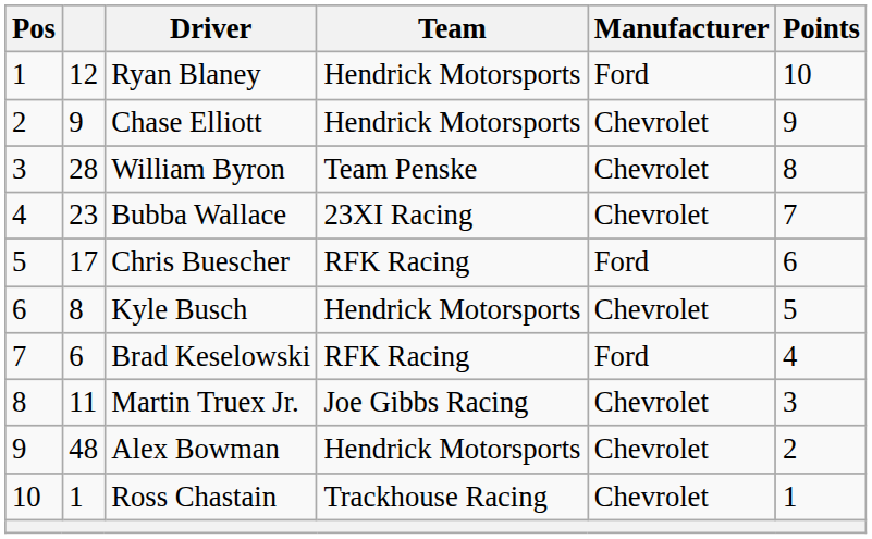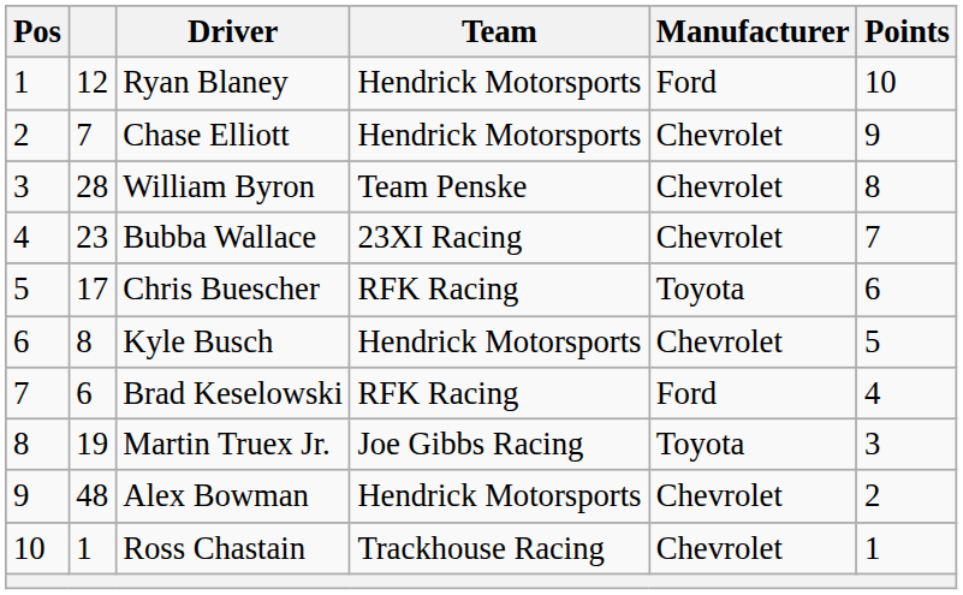 <table class="wikitable" style="font-size:98%">
 <tr>
 <th>Pos</th>
 <th></th>
 <th>Driver</th>
 <th>Team</th>
 <th>Manufacturer</th>
 <th>Points</th>
 </tr>
 <tr>
 <td>1</td>
 <td>12</td>
 <td>Ryan Blaney</td>
 <td>Hendrick Motorsports</td>
 <td>Ford</td>
 <td>10</td>
 </tr>
 <tr>
 <td>2</td>
-<td>9</td>
+<td>7</td>
 <td>Chase Elliott</td>
 <td>Hendrick Motorsports</td>
 <td>Chevrolet</td>
 <td>9</td>
 </tr>
 <tr>
 <td>3</td>
 <td>28</td>
 <td>William Byron</td>
 <td>Team Penske</td>
 <td>Chevrolet</td>
 <td>8</td>
 </tr>
 <tr>
 <td>4</td>
 <td>23</td>
 <td>Bubba Wallace</td>
 <td>23XI Racing</td>
 <td>Chevrolet</td>
 <td>7</td>
 </tr>
 <tr>
 <td>5</td>
 <td>17</td>
 <td>Chris Buescher</td>
 <td>RFK Racing</td>
-<td>Ford</td>
+<td>Toyota</td>
 <td>6</td>
 </tr>
 <tr>
 <td>6</td>
 <td>8</td>
 <td>Kyle Busch</td>
 <td>Hendrick Motorsports</td>
 <td>Chevrolet</td>
 <td>5</td>
 </tr>
 <tr>
 <td>7</td>
 <td>6</td>
 <td>Brad Keselowski</td>
 <td>RFK Racing</td>
 <td>Ford</td>
 <td>4</td>
 </tr>
 <tr>
 <td>8</td>
-<td>11</td>
+<td>19</td>
 <td>Martin Truex Jr.</td>
 <td>Joe Gibbs Racing</td>
-<td>Chevrolet</td>
+<td>Toyota</td>
 <td>3</td>
 </tr>
 <tr>
 <td>9</td>
 <td>48</td>
 <td>Alex Bowman</td>
 <td>Hendrick Motorsports</td>
 <td>Chevrolet</td>
 <td>2</td>
 </tr>
 <tr>
 <td>10</td>
 <td>1</td>
 <td>Ross Chastain</td>
 <td>Trackhouse Racing</td>
 <td>Chevrolet</td>
 <td>1</td>
 </tr>
 <tr>
 <th colspan="6"></th>
 </tr>
 </table>
